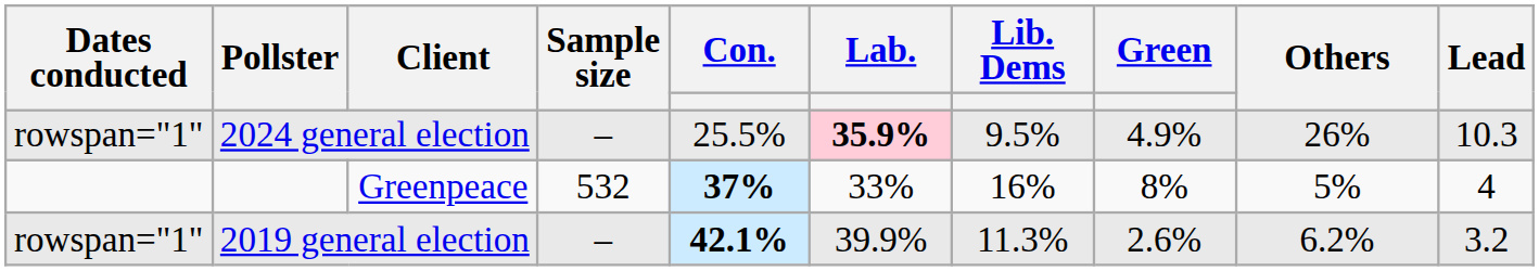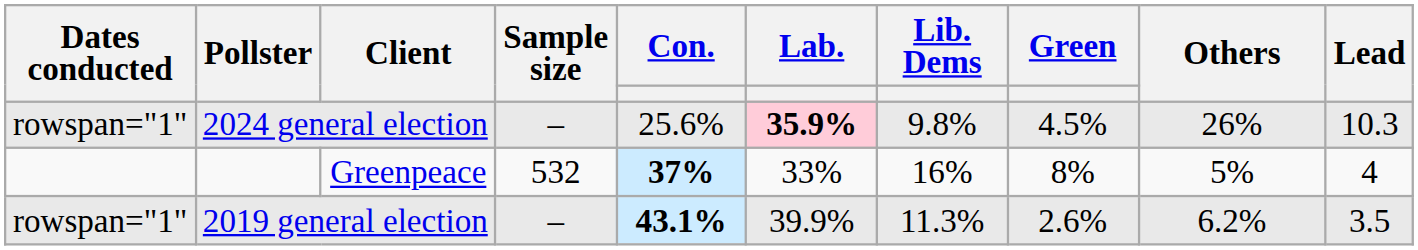 <table class="wikitable sortable mw-datatable" style="text-align:center; font-size:90%; line-height:14px;">
 <tr>
 <th rowspan="2">Dates<br>conducted</th>
 <th rowspan="2">Pollster</th>
 <th rowspan="2">Client</th>
 <th rowspan="2" data-sort-type="number">Sample<br>size</th>
 <th class="unsortable" style="width:50px;"><a href='#'>Con.</a></th>
 <th class="unsortable" style="width:50px;"><a href='#'>Lab.</a></th>
 <th class="unsortable" style="width:50px;"><a href='#'>Lib. Dems</a></th>
 <th class="unsortable" style="width:50px;"><a href='#'>Green</a></th>
 <th rowspan="2" class="unsortable" style="width:75px;">Others</th>
 <th rowspan="2" data-sort-type="number">Lead</th>
 </tr>
 <tr>
 <th data-sort-type="number" style="background:"></th>
 <th data-sort-type="number" style="background:"></th>
 <th data-sort-type="number" style="background:"></th>
 <th data-sort-type="number" style="background:"></th>
 </tr>
 <tr style="background:#e9e9e9;">
 <td>rowspan="1" </td>
 <td colspan="2" rowspan="1"><a href='#'>2024 general election</a></td>
 <td>–</td>
-<td>25.5%</td>
+<td>25.6%</td>
 <td style="background:#FFCCD9;"><strong>35.9%</strong></td>
-<td>9.5%</td>
-<td>4.9%</td>
+<td>9.8%</td>
+<td>4.5%</td>
 <td>26%</td>
 <td style="background:">10.3</td>
 </tr>
 <tr>
 <td></td>
 <td></td>
 <td><a href='#'>Greenpeace</a></td>
 <td>532</td>
 <td style="background:#CCEBFF;"><strong>37%</strong></td>
 <td>33%</td>
 <td>16%</td>
 <td>8%</td>
 <td>5%</td>
 <td style="background:">4</td>
 </tr>
 <tr style="background:#e9e9e9;">
 <td>rowspan="1" </td>
 <td colspan="2" rowspan="1"><a href='#'>2019 general election</a></td>
 <td>–</td>
-<td style="background:#CCEBFF;"><strong>42.1%</strong></td>
+<td style="background:#CCEBFF;"><strong>43.1%</strong></td>
 <td>39.9%</td>
 <td>11.3%</td>
 <td>2.6%</td>
 <td>6.2%</td>
-<td style="background:">3.2</td>
+<td style="background:">3.5</td>
 </tr>
 </table>
